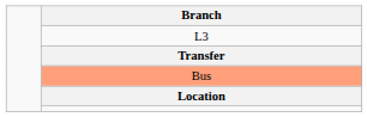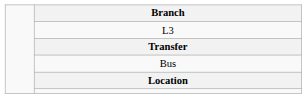 <table class="wikitable" style="text-align: center; width: 450px; float:right;">
 <tr>
 <td rowspan="6"></td>
 <th>Branch</th>
 </tr>
 <tr>
 <td>L3</td>
 </tr>
 <tr>
 <th>Transfer</th>
 </tr>
 <tr>
-<td style="background: lightsalmon;">Bus</td>
+<td>Bus</td>
 </tr>
 <tr>
 <th>Location</th>
 </tr>
 <tr>
 <td></td>
 </tr>
 </table>
